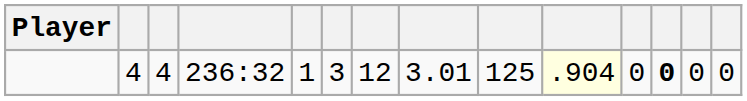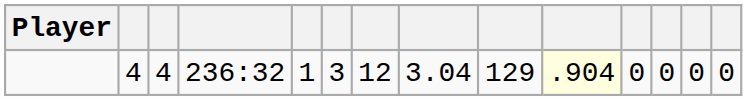 <table class="wikitable sortable" style="text-align:center;">
 <tr>
 <th>Player</th>
 <th></th>
 <th></th>
 <th></th>
 <th></th>
 <th></th>
 <th></th>
 <th></th>
 <th></th>
 <th></th>
 <th></th>
 <th></th>
 <th></th>
 <th></th>
 </tr>
 <tr>
 <td></td>
 <td>4</td>
 <td>4</td>
 <td>236:32</td>
 <td>1</td>
 <td>3</td>
 <td>12</td>
-<td>3.01</td>
-<td>125</td>
+<td>3.04</td>
+<td>129</td>
 <td style="background: lightyellow;">.904</td>
 <td>0</td>
-<td><strong>0</strong></td>
+<td>0</td>
 <td>0</td>
 <td>0</td>
 </tr>
 </table>
